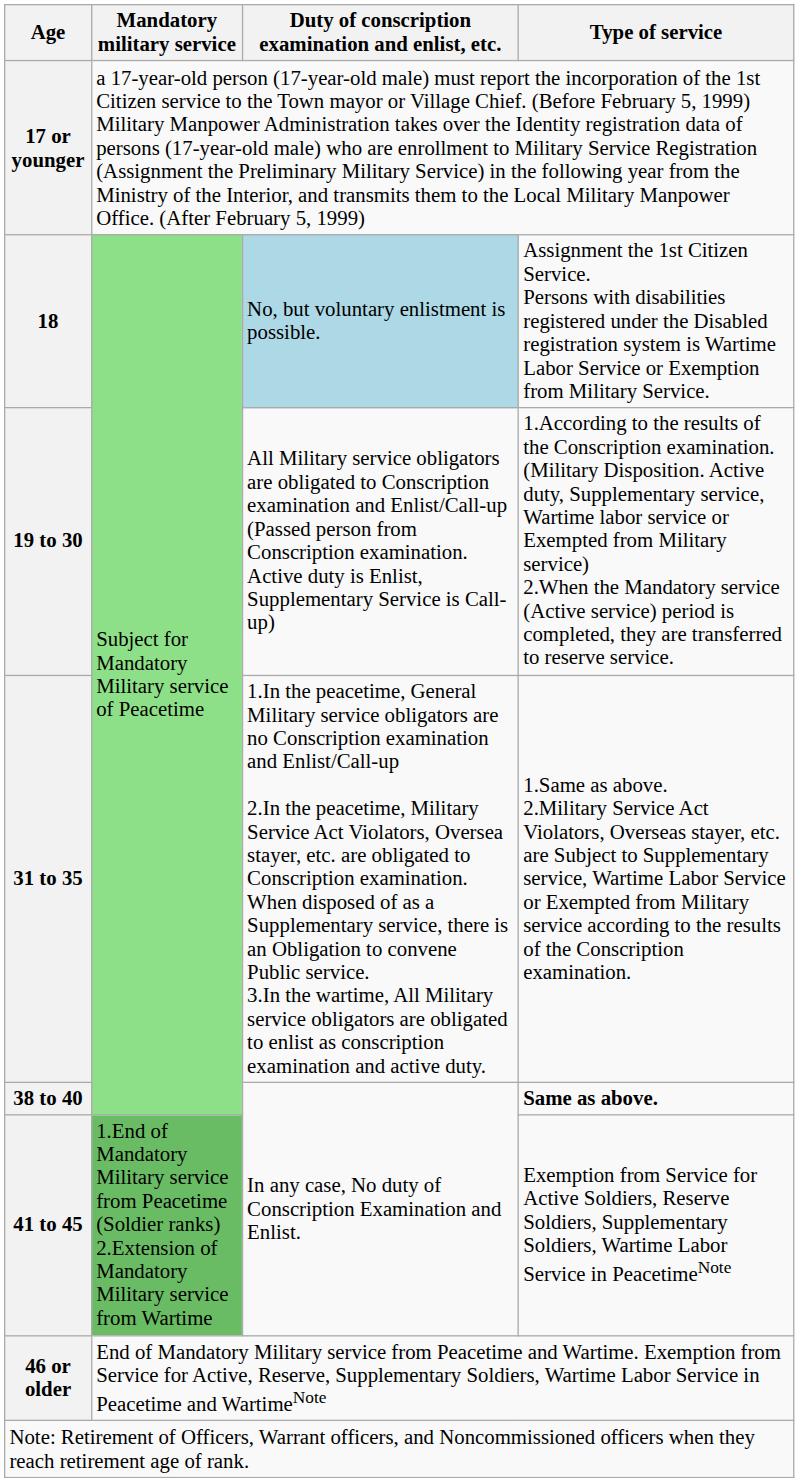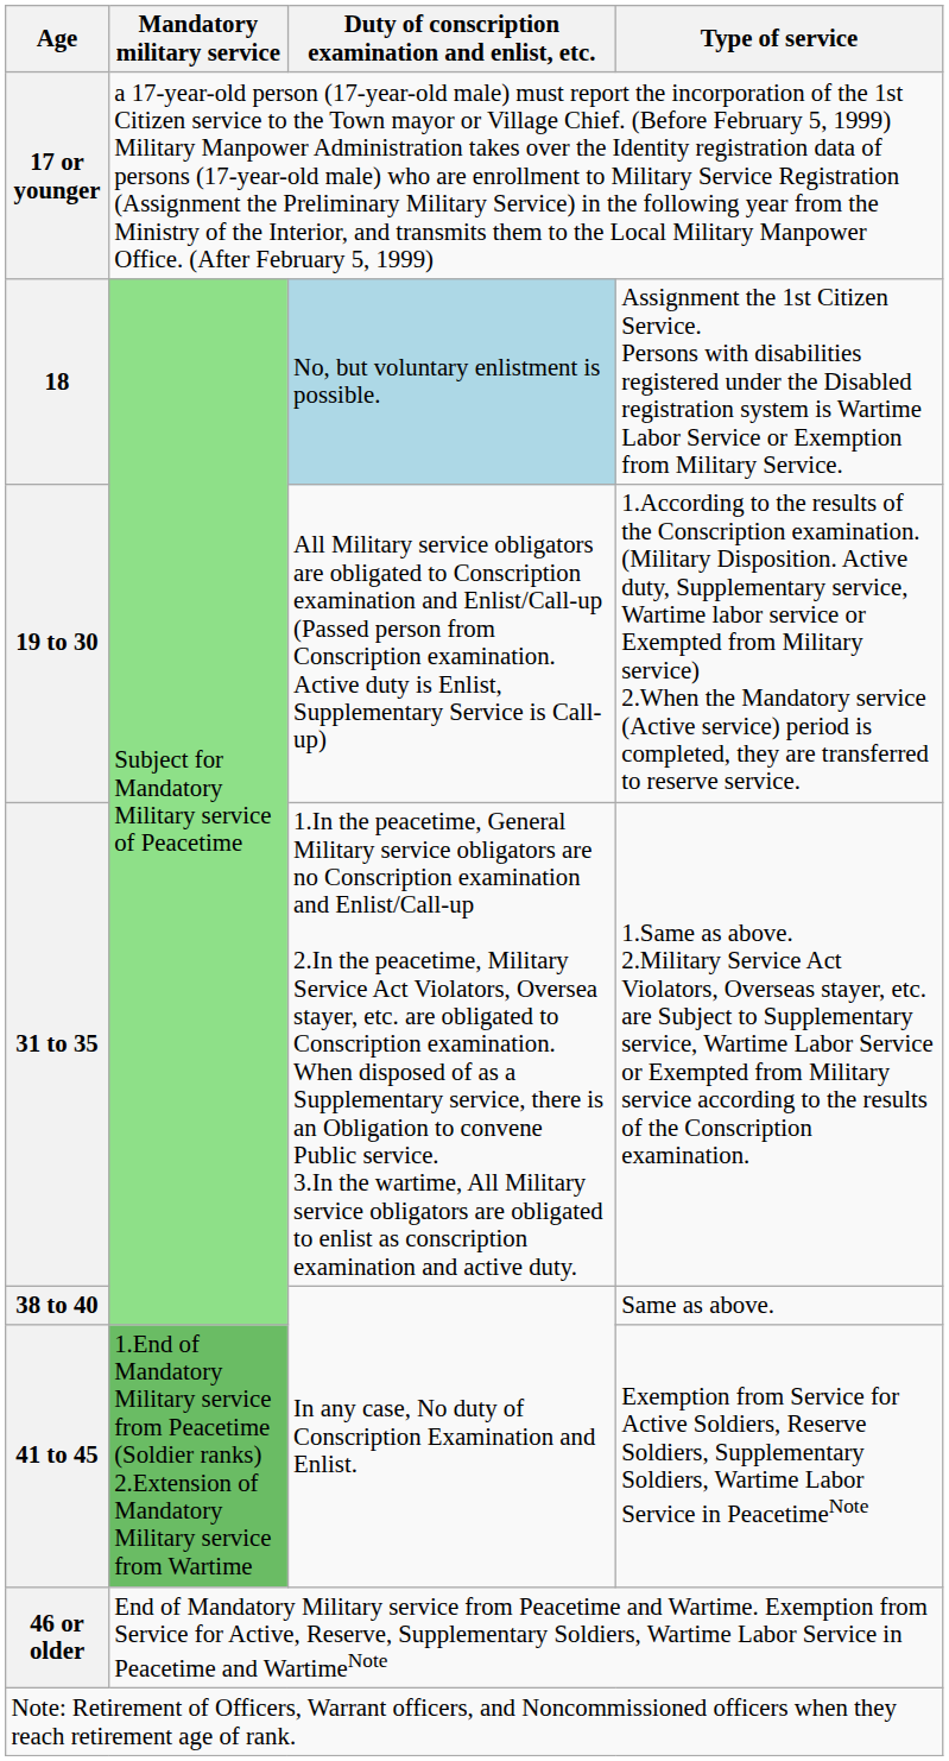 <table class="wikitable">
 <tr>
 <th>Age</th>
 <th>Mandatory military service</th>
 <th>Duty of conscription examination and enlist, etc.</th>
 <th>Type of service</th>
 </tr>
 <tr>
 <th>17 or younger</th>
 <td colspan="3">a 17-year-old person (17-year-old male) must report the incorporation of the 1st Citizen service to the Town mayor or Village Chief. (Before February 5, 1999)<br>Military Manpower Administration takes over the Identity registration data of persons (17-year-old male) who are enrollment to Military Service Registration (Assignment the Preliminary Military Service) in the following year from the Ministry of the Interior, and transmits them to the Local Military Manpower Office. (After February 5, 1999)</td>
 </tr>
 <tr>
 <th>18</th>
 <td style="background:#8ee088;" rowspan="4">Subject for Mandatory Military service of Peacetime</td>
 <td style="background: lightblue;">No, but voluntary enlistment is possible.</td>
 <td>Assignment the 1st Citizen Service.<br>Persons with disabilities registered under the Disabled registration system is Wartime Labor Service or Exemption from Military Service.</td>
 </tr>
 <tr>
 <th>19 to 30</th>
 <td>All Military service obligators are obligated to Conscription examination and Enlist/Call-up (Passed person from Conscription examination.  Active duty is Enlist, Supplementary Service is Call-up)</td>
 <td>1.According to the results of the Conscription examination. (Military Disposition. Active duty, Supplementary service, Wartime labor service or Exempted from Military service)<br>2.When the Mandatory service (Active service) period is completed, they are transferred to reserve service.</td>
 </tr>
 <tr>
 <th>31 to 35</th>
 <td>1.In the peacetime, General Military service obligators are no Conscription examination and Enlist/Call-up<br><br>2.In the peacetime, Military Service Act Violators, Oversea stayer, etc. are obligated to Conscription examination. When disposed of as a Supplementary service, there is an Obligation to convene Public service.<br> 3.In the wartime, All Military service obligators are obligated to enlist as conscription examination and active duty.</td>
 <td>1.Same as above.<br>2.Military Service Act Violators, Overseas stayer, etc. are Subject to Supplementary service, Wartime Labor Service or Exempted from Military service according to the results of the Conscription examination.</td>
 </tr>
 <tr>
 <th>38 to 40</th>
 <td rowspan="2">In any case, No duty of Conscription Examination and Enlist.</td>
-<td><strong>Same as above.</strong></td>
+<td>Same as above.</td>
 </tr>
 <tr>
 <th>41 to 45</th>
 <td style="background:#6abc64;">1.End of Mandatory Military service from Peacetime (Soldier ranks)<br>2.Extension of Mandatory Military service from Wartime</td>
 <td>Exemption from Service for Active Soldiers, Reserve Soldiers, Supplementary Soldiers, Wartime Labor Service in Peacetime<sup>Note</sup></td>
 </tr>
 <tr>
 <th>46 or older</th>
 <td colspan="3">End of Mandatory Military service from Peacetime and Wartime. Exemption from Service for Active, Reserve, Supplementary Soldiers, Wartime Labor Service in Peacetime and Wartime<sup>Note</sup></td>
 </tr>
 <tr>
 <td colspan="4">Note: Retirement of Officers, Warrant officers, and Noncommissioned officers when they reach retirement age of rank.</td>
 </tr>
 </table>
